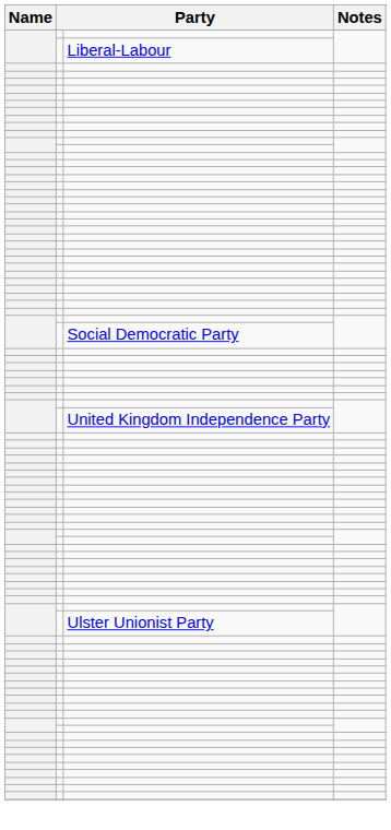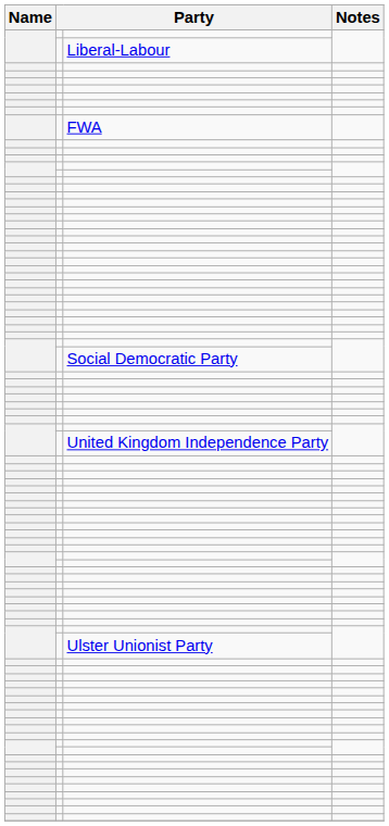 <table class="wikitable sortable">
 <tr>
 <th>Name</th>
 <th colspan="2">Party</th>
 <th class="unsortable">Notes</th>
 </tr>
 <tr>
 <th rowspan="2"></th>
 <td style="background-color: "></td>
 <td></td>
 <td rowspan="2"></td>
 </tr>
 <tr>
 <td style="background-color: "></td>
 <td><a href='#'>Liberal-Labour</a></td>
 </tr>
 <tr>
 <th></th>
 <td style="background-color: "></td>
 <td></td>
 <td></td>
 </tr>
 <tr>
 <th></th>
 <td style="background-color: "></td>
 <td></td>
 <td></td>
 </tr>
 <tr>
 <th></th>
 <td style="background-color: "></td>
 <td></td>
 <td></td>
 </tr>
 <tr>
 <th></th>
 <td style="background-color: "></td>
 <td></td>
 <td></td>
 </tr>
 <tr>
 <th></th>
 <td style="background-color: "></td>
 <td></td>
 <td></td>
 </tr>
 <tr>
 <th></th>
 <td style="background-color: "></td>
 <td></td>
 <td></td>
 </tr>
 <tr>
 <th></th>
 <td style="background-color: "></td>
 <td></td>
+<td></td>
+</tr>
+<tr>
+<th></th>
+<td></td>
+<td><a href='#'>FWA</a></td>
 <td></td>
 </tr>
 <tr>
 <th></th>
 <td style="background-color: "></td>
 <td></td>
 <td></td>
 </tr>
 <tr>
 <th></th>
 <td style="background-color: "></td>
 <td></td>
 <td></td>
 </tr>
 <tr>
 <th></th>
 <td style="background-color: "></td>
 <td></td>
 <td></td>
 </tr>
 <tr>
 <th rowspan="2"></th>
 <td style="background-color: "></td>
 <td></td>
 <td rowspan="2"></td>
 </tr>
 <tr>
 <td style="background-color: "></td>
 <td></td>
 </tr>
 <tr>
 <th></th>
 <td style="background-color: "></td>
 <td></td>
 <td></td>
 </tr>
 <tr>
 <th></th>
 <td style="background-color: "></td>
 <td></td>
 <td></td>
 </tr>
 <tr>
 <th></th>
 <td style="background-color: "></td>
 <td></td>
 <td></td>
 </tr>
 <tr>
 <th></th>
 <td style="background-color: "></td>
 <td></td>
 <td></td>
 </tr>
 <tr>
 <th></th>
 <td style="background-color: "></td>
 <td></td>
 <td></td>
 </tr>
 <tr>
 <th></th>
 <td style="background-color: "></td>
 <td></td>
 <td></td>
 </tr>
 <tr>
 <th></th>
 <td style="background-color: "></td>
 <td></td>
 <td></td>
 </tr>
 <tr>
 <th></th>
 <td style="background-color: "></td>
 <td></td>
 <td></td>
 </tr>
 <tr>
 <th></th>
 <td style="background-color: "></td>
 <td></td>
 <td></td>
 </tr>
 <tr>
 <th></th>
 <td style="background-color: "></td>
 <td></td>
 <td></td>
 </tr>
 <tr>
 <th></th>
 <td style="background-color: "></td>
 <td></td>
 <td></td>
 </tr>
 <tr>
 <th></th>
 <td style="background-color: "></td>
 <td></td>
 <td></td>
 </tr>
 <tr>
 <th></th>
 <td style="background-color: "></td>
 <td></td>
 <td></td>
 </tr>
 <tr>
 <th></th>
 <td style="background-color: "></td>
 <td></td>
 <td></td>
 </tr>
 <tr>
 <th></th>
 <td style="background-color: "></td>
 <td></td>
 <td></td>
 </tr>
 <tr>
 <th></th>
 <td style="background-color: "></td>
 <td></td>
 <td></td>
 </tr>
 <tr>
 <th></th>
 <td style="background-color: "></td>
 <td></td>
 <td></td>
 </tr>
 <tr>
 <th></th>
 <td style="background-color: "></td>
 <td></td>
 <td></td>
 </tr>
 <tr>
 <th></th>
 <td style="background-color: "></td>
 <td></td>
 <td></td>
 </tr>
 <tr>
 <th></th>
 <td style="background-color: "></td>
 <td></td>
 <td></td>
 </tr>
 <tr>
 <th></th>
 <td style="background-color: "></td>
 <td></td>
 <td></td>
 </tr>
 <tr>
 <th></th>
 <td style="background-color: "></td>
 <td></td>
 <td></td>
 </tr>
 <tr>
 <th rowspan="2"></th>
 <td style="background-color: "></td>
 <td></td>
 <td rowspan="2"></td>
 </tr>
 <tr>
 <td style="background-color: "></td>
 <td><a href='#'>Social Democratic Party</a></td>
 </tr>
 <tr>
 <th></th>
 <td style="background-color: "></td>
 <td></td>
 <td></td>
 </tr>
 <tr>
 <th></th>
 <td style="background-color: "></td>
 <td></td>
 <td></td>
 </tr>
 <tr>
 <th></th>
 <td style="background-color: "></td>
 <td></td>
 <td></td>
 </tr>
 <tr>
 <th></th>
 <td style="background-color: "></td>
 <td></td>
 <td></td>
 </tr>
 <tr>
 <th></th>
 <td style="background-color: "></td>
 <td></td>
 <td></td>
 </tr>
 <tr>
 <th></th>
 <td style="background-color: "></td>
 <td></td>
 <td></td>
 </tr>
 <tr>
 <th></th>
 <td style="background-color: "></td>
 <td></td>
 <td></td>
 </tr>
 <tr>
 <th rowspan="2"></th>
 <td style="background-color: "></td>
 <td></td>
 <td rowspan="2"></td>
 </tr>
 <tr>
 <td style="background-color: "></td>
 <td><a href='#'>United Kingdom Independence Party</a></td>
 </tr>
 <tr>
 <th></th>
 <td style="background-color: "></td>
 <td></td>
 <td></td>
 </tr>
 <tr>
 <th></th>
 <td style="background-color: "></td>
 <td></td>
 <td></td>
 </tr>
 <tr>
 <th></th>
 <td style="background-color: "></td>
 <td></td>
 <td></td>
 </tr>
 <tr>
 <th></th>
 <td style="background-color: "></td>
 <td></td>
 <td></td>
 </tr>
 <tr>
 <th></th>
 <td style="background-color: "></td>
 <td></td>
 <td></td>
 </tr>
 <tr>
 <th></th>
 <td style="background-color: "></td>
 <td></td>
 <td></td>
 </tr>
 <tr>
 <th></th>
 <td style="background-color: "></td>
 <td></td>
 <td></td>
 </tr>
 <tr>
 <th></th>
 <td style="background-color: "></td>
 <td></td>
 <td></td>
 </tr>
 <tr>
 <th></th>
 <td style="background-color: "></td>
 <td></td>
 <td></td>
 </tr>
 <tr>
 <th></th>
 <td style="background-color: "></td>
 <td></td>
 <td></td>
 </tr>
 <tr>
 <th></th>
 <td style="background-color: "></td>
 <td></td>
 <td></td>
 </tr>
 <tr>
 <th></th>
 <td style="background-color: "></td>
 <td></td>
 <td></td>
 </tr>
 <tr>
 <th></th>
 <td style="background-color: "></td>
 <td></td>
 <td></td>
 </tr>
 <tr>
 <th rowspan="2"></th>
 <td style="background-color: "></td>
 <td></td>
 <td rowspan="2"></td>
 </tr>
 <tr>
 <td style="background-color: "></td>
 <td></td>
 </tr>
 <tr>
 <th></th>
 <td style="background-color: "></td>
 <td></td>
 <td></td>
 </tr>
 <tr>
 <th></th>
 <td style="background-color: "></td>
 <td></td>
 <td></td>
 </tr>
 <tr>
 <th></th>
 <td style="background-color: "></td>
 <td></td>
 <td></td>
 </tr>
 <tr>
 <th></th>
 <td style="background-color: "></td>
 <td></td>
 <td></td>
 </tr>
 <tr>
 <th></th>
 <td style="background-color: "></td>
 <td></td>
 <td></td>
 </tr>
 <tr>
 <th></th>
 <td style="background-color: "></td>
 <td></td>
 <td></td>
 </tr>
 <tr>
 <th></th>
 <td style="background-color: "></td>
 <td></td>
 <td></td>
 </tr>
 <tr>
 <th></th>
 <td style="background-color: "></td>
 <td></td>
 <td></td>
 </tr>
 <tr>
 <th rowspan="2"></th>
 <td style="background-color: "></td>
 <td></td>
 <td rowspan="2"></td>
 </tr>
 <tr>
 <td style="background-color: "></td>
 <td><a href='#'>Ulster Unionist Party</a></td>
 </tr>
 <tr>
 <th></th>
 <td style="background-color: "></td>
 <td></td>
 <td></td>
 </tr>
 <tr>
 <th></th>
 <td style="background-color: "></td>
 <td></td>
 <td></td>
 </tr>
 <tr>
 <th></th>
 <td style="background-color: "></td>
 <td></td>
 <td></td>
 </tr>
 <tr>
 <th></th>
 <td style="background-color: "></td>
 <td></td>
 <td></td>
 </tr>
 <tr>
 <th></th>
 <td style="background-color: "></td>
 <td></td>
 <td></td>
 </tr>
 <tr>
 <th></th>
 <td style="background-color: "></td>
 <td></td>
 <td></td>
 </tr>
 <tr>
 <th></th>
 <td style="background-color: "></td>
 <td></td>
 <td></td>
 </tr>
 <tr>
 <th></th>
 <td style="background-color: "></td>
 <td></td>
 <td></td>
 </tr>
 <tr>
 <th></th>
 <td style="background-color: "></td>
 <td></td>
 <td></td>
 </tr>
 <tr>
 <th></th>
 <td style="background-color: "></td>
 <td></td>
 <td></td>
 </tr>
 <tr>
 <th></th>
 <td style="background-color: "></td>
 <td></td>
 <td></td>
 </tr>
 <tr>
 <th rowspan="2"></th>
 <td style="background-color: "></td>
 <td></td>
 <td rowspan="2"></td>
 </tr>
 <tr>
 <td style="background-color: "></td>
 <td></td>
 </tr>
 <tr>
 <th></th>
 <td style="background-color: "></td>
 <td></td>
 <td></td>
 </tr>
 <tr>
 <th></th>
 <td style="background-color: "></td>
 <td></td>
 <td></td>
 </tr>
 <tr>
 <th></th>
 <td style="background-color: "></td>
 <td></td>
 <td></td>
 </tr>
 <tr>
 <th></th>
 <td style="background-color: "></td>
 <td></td>
 <td></td>
 </tr>
 <tr>
 <th></th>
 <td style="background-color: "></td>
 <td></td>
 <td></td>
 </tr>
 <tr>
 <th></th>
 <td style="background-color: "></td>
 <td></td>
 <td></td>
 </tr>
 <tr>
 <th></th>
 <td style="background-color: "></td>
 <td></td>
 <td></td>
 </tr>
 <tr>
 <th></th>
 <td style="background-color: "></td>
 <td></td>
 <td></td>
 </tr>
 <tr>
 <th></th>
 <td style="background-color: "></td>
 <td></td>
 <td></td>
 </tr>
 <tr>
 </tr>
 </table>
